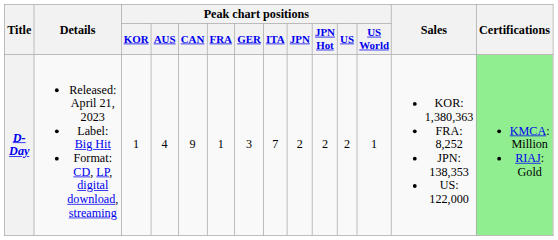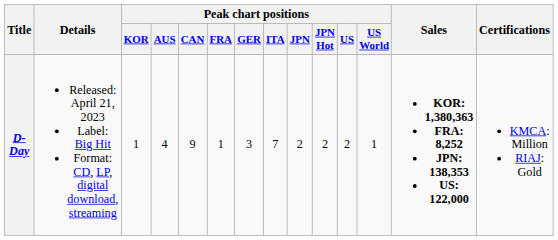 <table class="wikitable plainrowheaders" style="text-align:center;">
 <tr>
 <th scope="col" rowspan="2">Title</th>
 <th scope="col" rowspan="2">Details</th>
 <th scope="col" colspan="10">Peak chart positions</th>
 <th scope="col" rowspan="2">Sales</th>
 <th scope="col" rowspan="2">Certifications</th>
 </tr>
 <tr>
 <th scope="col" style="width:2.6em;font-size:90%;"><a href='#'>KOR</a><br></th>
 <th scope="col" style="width:2.6em;font-size:90%;"><a href='#'>AUS</a><br></th>
 <th scope="col" style="width:2.6em;font-size:90%;"><a href='#'>CAN</a><br></th>
 <th scope="col" style="width:2.6em;font-size:90%;"><a href='#'>FRA</a><br></th>
 <th scope="col" style="width:2.6em;font-size:90%;"><a href='#'>GER</a><br></th>
 <th scope="col" style="width:2.6em;font-size:90%;"><a href='#'>ITA</a><br></th>
 <th scope="col" style="width:2.6em;font-size:90%;"><a href='#'>JPN</a><br></th>
 <th scope="col" style="width:2.6em;font-size:90%;"><a href='#'>JPN<br>Hot</a><br></th>
 <th scope="col" style="width:2.6em;font-size:90%;"><a href='#'>US</a><br></th>
 <th scope="col" style="width:2.7em;font-size:90%;"><a href='#'>US<br>World</a><br></th>
 </tr>
 <tr>
 <th scope="row"><em><a href='#'>D-Day</a></em></th>
 <td><br><ul><li>Released: April 21, 2023</li><li>Label: <a href='#'>Big Hit</a></li><li>Format: <a href='#'>CD</a>, <a href='#'>LP</a>, <a href='#'>digital download</a>, <a href='#'>streaming</a></li></ul></td>
 <td>1</td>
 <td>4</td>
 <td>9</td>
 <td>1</td>
 <td>3</td>
 <td>7</td>
 <td>2</td>
 <td>2</td>
 <td>2</td>
 <td>1</td>
-<td><br><ul><li>KOR: 1,380,363</li><li>FRA: 8,252</li><li>JPN: 138,353</li><li>US: 122,000</li></ul></td>
-<td style="background: lightgreen;"><br><ul><li><a href='#'>KMCA</a>: Million</li><li><a href='#'>RIAJ</a>: Gold</li></ul></td>
+<td><strong><br><ul><li>KOR: 1,380,363</li><li>FRA: 8,252</li><li>JPN: 138,353</li><li>US: 122,000</li></ul></strong></td>
+<td><br><ul><li><a href='#'>KMCA</a>: Million</li><li><a href='#'>RIAJ</a>: Gold</li></ul></td>
 </tr>
 </table>
